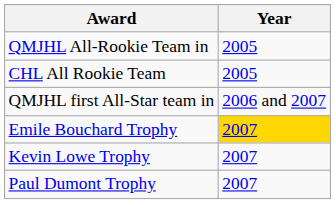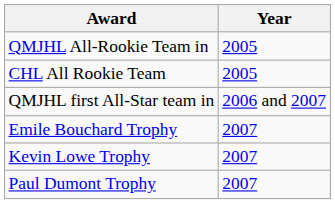 <table class="wikitable">
 <tr>
 <th scope="col">Award</th>
 <th scope="col">Year</th>
 </tr>
 <tr>
 <td><a href='#'>QMJHL</a> All-Rookie Team in</td>
 <td><a href='#'>2005</a></td>
 </tr>
 <tr>
 <td><a href='#'>CHL</a> All Rookie Team</td>
 <td><a href='#'>2005</a></td>
 </tr>
 <tr>
 <td>QMJHL first All-Star team in</td>
 <td><a href='#'>2006</a> and <a href='#'>2007</a></td>
 </tr>
 <tr>
 <td><a href='#'>Emile Bouchard Trophy</a></td>
-<td style="background: gold;"><a href='#'>2007</a></td>
+<td><a href='#'>2007</a></td>
 </tr>
 <tr>
 <td><a href='#'>Kevin Lowe Trophy</a></td>
 <td><a href='#'>2007</a></td>
 </tr>
 <tr>
 <td><a href='#'>Paul Dumont Trophy</a></td>
 <td><a href='#'>2007</a></td>
 </tr>
 </table>
